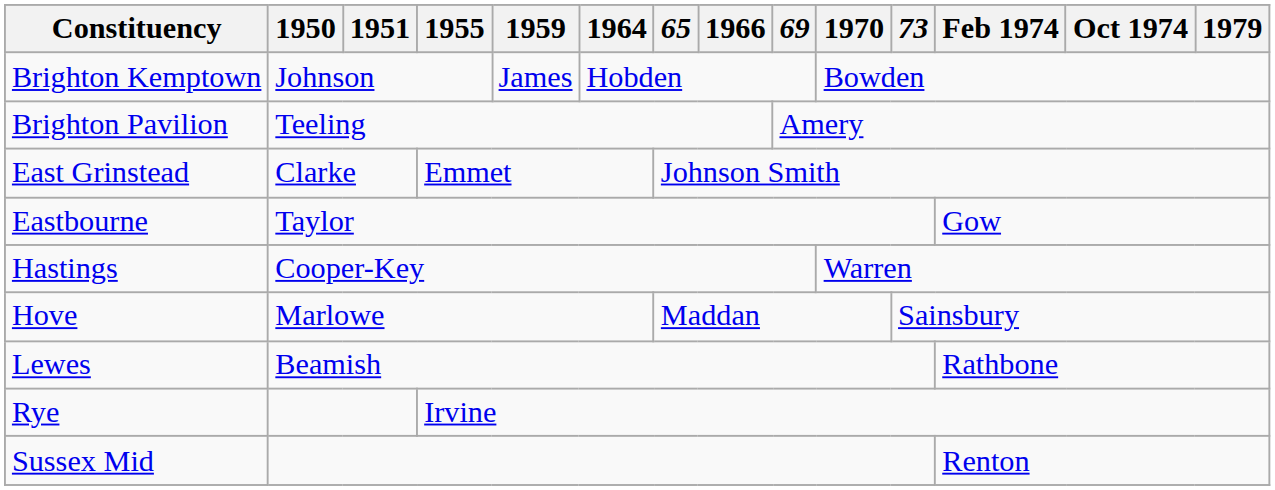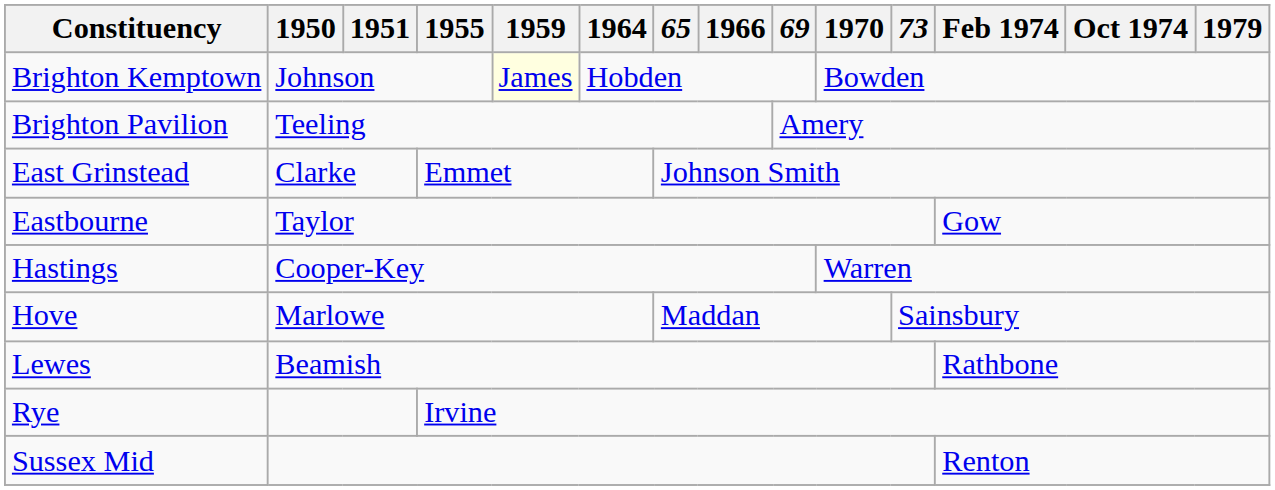 <table class="wikitable">
 <tr>
 <th>Constituency</th>
 <th>1950</th>
 <th>1951</th>
 <th>1955</th>
 <th>1959</th>
 <th>1964</th>
 <th><em>65</em></th>
 <th>1966</th>
 <th><em>69</em></th>
 <th>1970</th>
 <th><em>73</em></th>
 <th>Feb 1974</th>
 <th>Oct 1974</th>
 <th>1979</th>
 </tr>
 <tr>
 <td><a href='#'>Brighton Kemptown</a></td>
 <td colspan="3"><a href='#'>Johnson</a></td>
-<td><a href='#'>James</a></td>
+<td style="background: lightyellow;"><a href='#'>James</a></td>
 <td colspan="4"><a href='#'>Hobden</a></td>
 <td colspan="5"><a href='#'>Bowden</a></td>
 </tr>
 <tr>
 <td><a href='#'>Brighton Pavilion</a></td>
 <td colspan="7"><a href='#'>Teeling</a></td>
 <td colspan="6"><a href='#'>Amery</a></td>
 </tr>
 <tr>
 <td><a href='#'>East Grinstead</a></td>
 <td colspan="2"><a href='#'>Clarke</a></td>
 <td colspan="3"><a href='#'>Emmet</a></td>
 <td colspan="8"><a href='#'>Johnson Smith</a></td>
 </tr>
 <tr>
 <td><a href='#'>Eastbourne</a></td>
 <td colspan="10"><a href='#'>Taylor</a></td>
 <td colspan="3"><a href='#'>Gow</a></td>
 </tr>
 <tr>
 <td><a href='#'>Hastings</a></td>
 <td colspan="8"><a href='#'>Cooper-Key</a></td>
 <td colspan="5"><a href='#'>Warren</a></td>
 </tr>
 <tr>
 <td><a href='#'>Hove</a></td>
 <td colspan="5"><a href='#'>Marlowe</a></td>
 <td colspan="4"><a href='#'>Maddan</a></td>
 <td colspan="4"><a href='#'>Sainsbury</a></td>
 </tr>
 <tr>
 <td><a href='#'>Lewes</a></td>
 <td colspan="10"><a href='#'>Beamish</a></td>
 <td colspan="3"><a href='#'>Rathbone</a></td>
 </tr>
 <tr>
 <td><a href='#'>Rye</a></td>
 <td colspan="2"></td>
 <td colspan="11"><a href='#'>Irvine</a></td>
 </tr>
 <tr>
 <td><a href='#'>Sussex Mid</a></td>
 <td colspan="10"></td>
 <td colspan="3"><a href='#'>Renton</a></td>
 </tr>
 </table>
